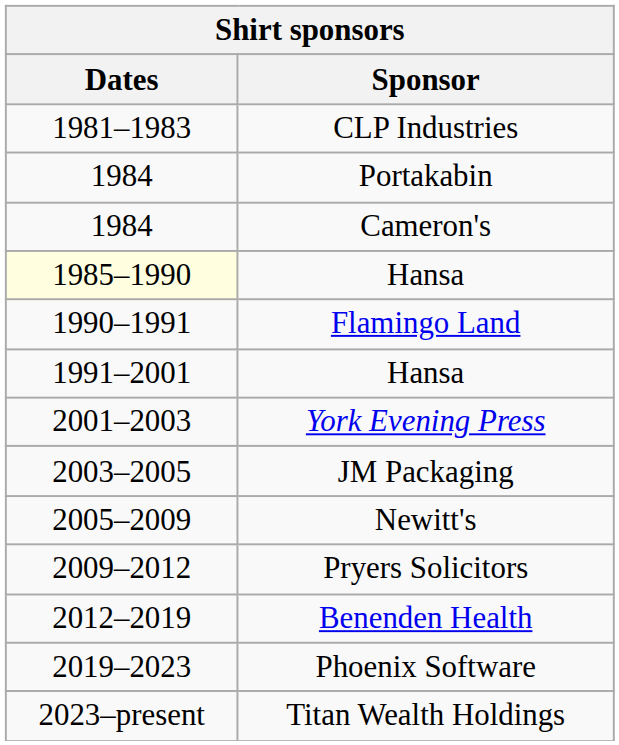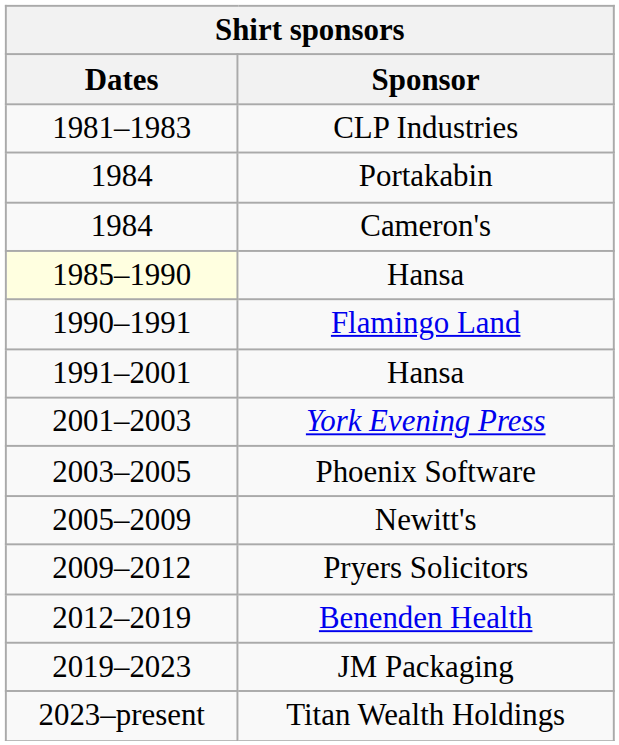 <table class="wikitable collapsible collapsed plainrowheaders" style="width: 25%; text-align: center; margin-left:1em; float: left">
 <tr>
 <th colspan="2">Shirt sponsors</th>
 </tr>
 <tr>
 <th scope="col">Dates</th>
 <th scope="col">Sponsor</th>
 </tr>
 <tr>
 <td scope="row">1981–1983</td>
 <td>CLP Industries</td>
 </tr>
 <tr>
 <td scope="row">1984</td>
 <td>Portakabin</td>
 </tr>
 <tr>
 <td scope="row">1984</td>
 <td>Cameron's</td>
 </tr>
 <tr>
 <td scope="row" style="background: lightyellow;">1985–1990</td>
 <td>Hansa</td>
 </tr>
 <tr>
 <td scope="row">1990–1991</td>
 <td><a href='#'>Flamingo Land</a></td>
 </tr>
 <tr>
 <td scope="row">1991–2001</td>
 <td>Hansa</td>
 </tr>
 <tr>
 <td scope="row">2001–2003</td>
 <td><em><a href='#'>York Evening Press</a></em></td>
 </tr>
 <tr>
 <td scope="row">2003–2005</td>
-<td>JM Packaging</td>
+<td>Phoenix Software</td>
 </tr>
 <tr>
 <td scope="row">2005–2009</td>
 <td>Newitt's</td>
 </tr>
 <tr>
 <td scope="row">2009–2012</td>
 <td>Pryers Solicitors</td>
 </tr>
 <tr>
 <td scope="row">2012–2019</td>
 <td><a href='#'>Benenden Health</a></td>
 </tr>
 <tr>
 <td scope="row">2019–2023</td>
-<td>Phoenix Software</td>
+<td>JM Packaging</td>
 </tr>
 <tr>
 <td scope="row">2023–present</td>
 <td>Titan Wealth Holdings</td>
 </tr>
 </table>
